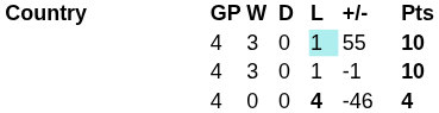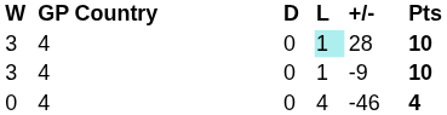 <table>
 <tr ---->
+<td width="20"><strong>W</strong></td>
+<td width="20"><strong>GP</strong></td>
 <td width="150"><strong>Country</strong></td>
-<td width="20"><strong>GP</strong></td>
-<td width="20"><strong>W</strong></td>
 <td width="20"><strong>D</strong></td>
 <td width="20"><strong>L</strong></td>
 <td width="40"><strong>+/-</strong></td>
 <td width="20"><strong>Pts</strong></td>
 </tr>
 <tr ---->
+<td>3</td>
+<td>4</td>
 <td></td>
-<td>4</td>
-<td>3</td>
 <td>0</td>
 <td style="background: paleturquoise;">1</td>
-<td>55</td>
+<td>28</td>
 <td><strong>10</strong></td>
 </tr>
 <tr ---->
+<td>3</td>
+<td>4</td>
 <td></td>
-<td>4</td>
-<td>3</td>
 <td>0</td>
 <td>1</td>
-<td>-1</td>
+<td>-9</td>
 <td><strong>10</strong></td>
 </tr>
 <tr ---->
+<td>0</td>
+<td>4</td>
 <td></td>
+<td>0</td>
 <td>4</td>
-<td>0</td>
-<td>0</td>
-<td><strong>4</strong></td>
 <td>-46</td>
 <td><strong>4</strong></td>
 </tr>
 </table>
